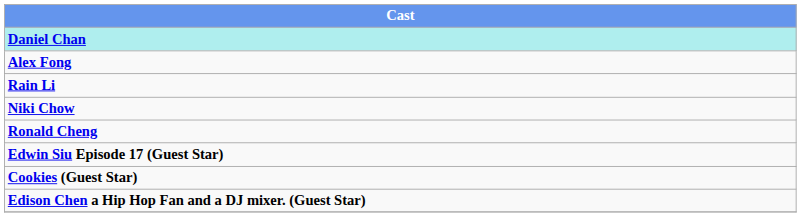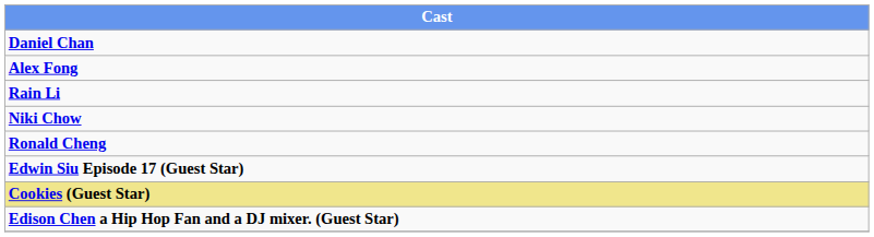 <table class="wikitable" width="55%">
 <tr style="background:cornflowerblue; color:white" align=center>
 <td style="width:25%"><strong>Cast</strong></td>
 </tr>
 <tr>
-<td style="background: paleturquoise;"><strong><a href='#'>Daniel Chan</a></strong></td>
+<td><strong><a href='#'>Daniel Chan</a></strong></td>
 </tr>
 <tr>
 <td><strong><a href='#'>Alex Fong</a></strong></td>
 </tr>
 <tr>
 <td><strong><a href='#'>Rain Li</a></strong></td>
 </tr>
 <tr>
 <td><strong><a href='#'>Niki Chow</a></strong></td>
 </tr>
 <tr>
 <td><strong><a href='#'>Ronald Cheng</a></strong></td>
 </tr>
 <tr>
 <td><strong><a href='#'>Edwin Siu</a> Episode 17 (Guest Star)</strong></td>
 </tr>
 <tr>
-<td><strong><a href='#'>Cookies</a> (Guest Star)</strong></td>
+<td style="background: khaki;"><strong><a href='#'>Cookies</a> (Guest Star)</strong></td>
 </tr>
 <tr>
 <td><strong><a href='#'>Edison Chen</a> a Hip Hop Fan and a DJ mixer. (Guest Star)</strong></td>
 </tr>
 <tr>
 </tr>
 </table>
